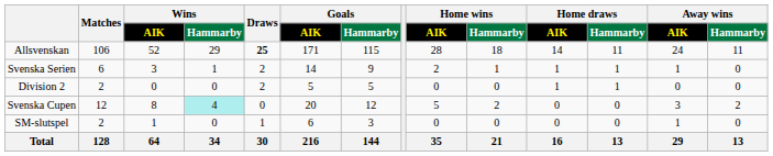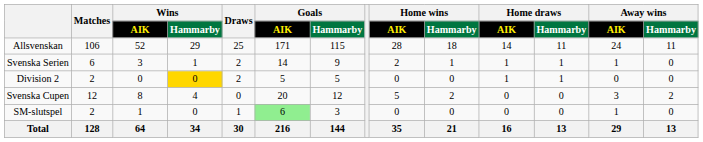 <table class="wikitable" style="font-size:90%; text-align: center">
 <tr>
 <th rowspan="2"></th>
 <th rowspan="2">Matches</th>
 <th colspan="2">Wins</th>
 <th rowspan="2">Draws</th>
 <th colspan="2">Goals</th>
 <th rowspan="10"></th>
 <th colspan="2">Home wins</th>
 <th colspan="2">Home draws</th>
 <th colspan="2">Away wins</th>
 </tr>
 <tr>
 <th style="color:#fe0; background:black; width:5em">AIK</th>
 <th style="color:white; background:#007640;">Hammarby</th>
 <th style="color:#fe0; background:black; width:5em">AIK</th>
 <th style="color:white; background:#007640;">Hammarby</th>
 <th style="color:#fe0; background:black; width:5em">AIK</th>
 <th style="color:white; background:#007640;">Hammarby</th>
 <th style="color:#fe0; background:black; width:5em">AIK</th>
 <th style="color:white; background:#007640;">Hammarby</th>
 <th style="color:#fe0; background:black; width:5em">AIK</th>
 <th style="color:white; background:#007640;">Hammarby</th>
 </tr>
 <tr>
 <td>Allsvenskan</td>
 <td>106</td>
 <td>52</td>
 <td>29</td>
-<td><strong>25</strong></td>
+<td>25</td>
 <td>171</td>
 <td>115</td>
 <td>28</td>
 <td>18</td>
 <td>14</td>
 <td>11</td>
 <td>24</td>
 <td>11</td>
 </tr>
 <tr>
 <td>Svenska Serien</td>
 <td>6</td>
 <td>3</td>
 <td>1</td>
 <td>2</td>
 <td>14</td>
 <td>9</td>
 <td>2</td>
 <td>1</td>
 <td>1</td>
 <td>1</td>
 <td>1</td>
 <td>0</td>
 </tr>
 <tr>
 <td>Division 2</td>
 <td>2</td>
 <td>0</td>
-<td>0</td>
+<td style="background: gold;">0</td>
 <td>2</td>
 <td>5</td>
 <td>5</td>
 <td>0</td>
 <td>0</td>
 <td>1</td>
 <td>1</td>
 <td>0</td>
 <td>0</td>
 </tr>
 <tr>
 <td>Svenska Cupen</td>
 <td>12</td>
 <td>8</td>
-<td style="background: paleturquoise;">4</td>
+<td>4</td>
 <td>0</td>
 <td>20</td>
 <td>12</td>
 <td>5</td>
 <td>2</td>
 <td>0</td>
 <td>0</td>
 <td>3</td>
 <td>2</td>
 </tr>
 <tr>
 <td>SM-slutspel</td>
 <td>2</td>
 <td>1</td>
 <td>0</td>
 <td>1</td>
-<td>6</td>
+<td style="background: lightgreen;">6</td>
 <td>3</td>
 <td>0</td>
 <td>0</td>
 <td>0</td>
 <td>0</td>
 <td>1</td>
 <td>0</td>
 </tr>
 <tr>
 <th>Total</th>
 <th>128</th>
 <th>64</th>
 <th>34</th>
 <th>30</th>
 <th>216</th>
 <th>144</th>
 <th>35</th>
 <th>21</th>
 <th>16</th>
 <th>13</th>
 <th>29</th>
 <th>13</th>
 </tr>
 </table>
